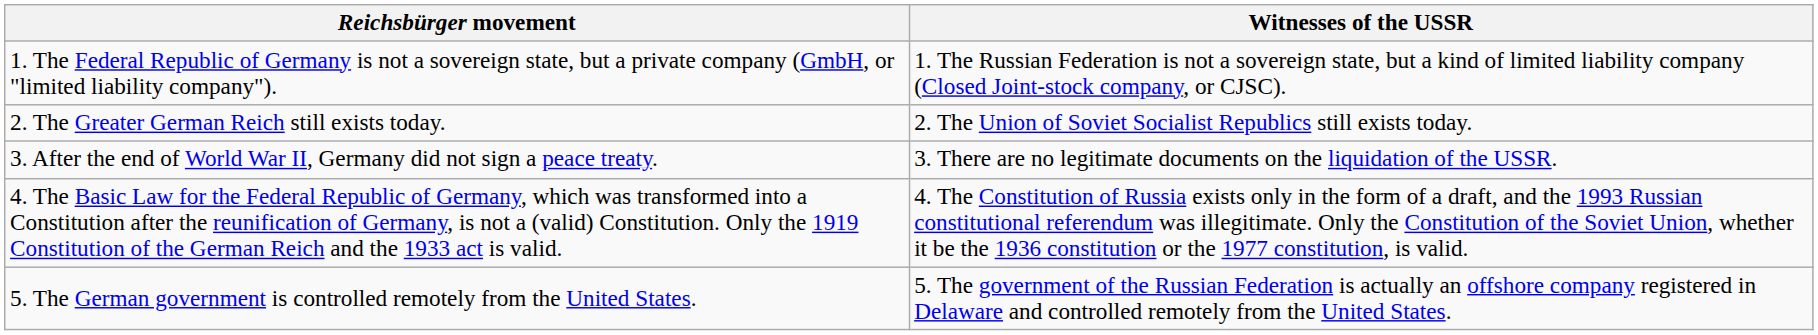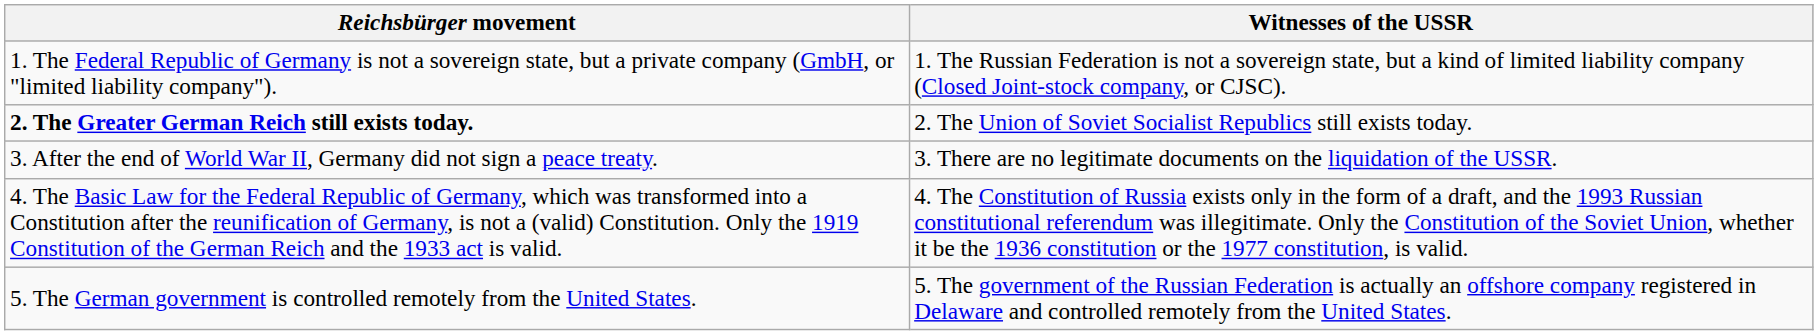 <table class="wikitable">
 <tr>
 <th width="20%"><em>Reichsbürger</em> movement</th>
 <th width="20%">Witnesses of the USSR</th>
 </tr>
 <tr>
 <td>1. The <a href='#'>Federal Republic of Germany</a> is not a sovereign state, but a private company (<a href='#'>GmbH</a>, or "limited liability company").</td>
 <td>1. The Russian Federation is not a sovereign state, but a kind of limited liability company (<a href='#'>Closed Joint-stock company</a>, or CJSC).</td>
 </tr>
 <tr>
-<td>2. The <a href='#'>Greater German Reich</a> still exists today.</td>
+<td><strong>2. The <a href='#'>Greater German Reich</a> still exists today.</strong></td>
 <td>2. The <a href='#'>Union of Soviet Socialist Republics</a> still exists today.</td>
 </tr>
 <tr>
 <td>3. After the end of <a href='#'>World War II</a>, Germany did not sign a <a href='#'>peace treaty</a>.</td>
 <td>3. There are no legitimate documents on the <a href='#'>liquidation of the USSR</a>.</td>
 </tr>
 <tr>
 <td>4. The <a href='#'>Basic Law for the Federal Republic of Germany</a>, which was transformed into a Constitution after the <a href='#'>reunification of Germany</a>, is not a (valid) Constitution. Only the <a href='#'>1919 Constitution of the German Reich</a> and the <a href='#'>1933 act</a> is valid.</td>
 <td>4. The <a href='#'>Constitution of Russia</a> exists only in the form of a draft, and the <a href='#'>1993 Russian constitutional referendum</a> was illegitimate. Only the <a href='#'>Constitution of the Soviet Union</a>, whether it be the <a href='#'>1936 constitution</a> or the <a href='#'>1977 constitution</a>, is valid.</td>
 </tr>
 <tr>
 <td>5. The <a href='#'>German government</a> is controlled remotely from the <a href='#'>United States</a>.</td>
 <td>5. The <a href='#'>government of the Russian Federation</a> is actually an <a href='#'>offshore company</a> registered in <a href='#'>Delaware</a> and controlled remotely from the <a href='#'>United States</a>.</td>
 </tr>
 </table>
